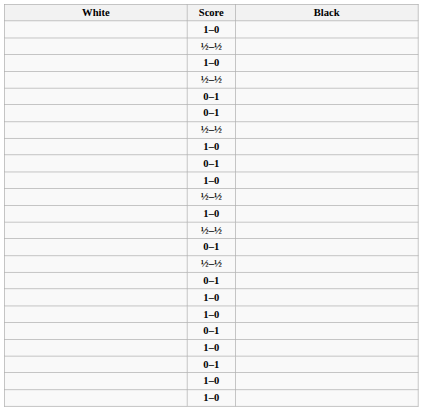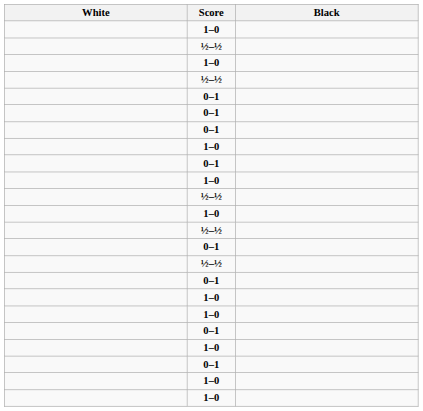 <table class="wikitable" style="text-align: center;">
 <tr>
 <th align="right" width="270">White</th>
 <th width="65">Score</th>
 <th align="left" width="270">Black</th>
 </tr>
 <tr>
 <td align=left><strong></strong></td>
 <td align=center><strong>1–0</strong></td>
 <td align=left></td>
 </tr>
 <tr>
 <td align=left></td>
 <td align=center><strong>½–½</strong></td>
 <td align=left></td>
 </tr>
 <tr>
 <td align=left><strong></strong></td>
 <td align=center><strong>1–0</strong></td>
 <td align=left></td>
 </tr>
 <tr>
 <td align=left></td>
 <td align=center><strong>½–½</strong></td>
 <td align=left></td>
 </tr>
 <tr>
 <td align=left></td>
 <td align=center><strong>0–1</strong></td>
 <td align=left><strong></strong></td>
 </tr>
 <tr>
 <td align=left></td>
 <td align=center><strong>0–1</strong></td>
 <td align=left><strong></strong></td>
 </tr>
 <tr>
 <td align=left></td>
-<td align=center><strong>½–½</strong></td>
+<td align=center><strong>0–1</strong></td>
 <td align=left><strong></strong></td>
 </tr>
 <tr>
 <td align=left><strong></strong></td>
 <td align=center><strong>1–0</strong></td>
 <td align=left></td>
 </tr>
 <tr>
 <td align=left></td>
 <td align=center><strong>0–1</strong></td>
 <td align=left><strong></strong></td>
 </tr>
 <tr>
 <td align=left><strong></strong></td>
 <td align=center><strong>1–0</strong></td>
 <td align=left></td>
 </tr>
 <tr>
 <td align=left></td>
 <td align=center><strong>½–½</strong></td>
 <td align=left></td>
 </tr>
 <tr>
 <td align=left><strong></strong></td>
 <td align=center><strong>1–0</strong></td>
 <td align=left></td>
 </tr>
 <tr>
 <td align=left><strong></strong></td>
 <td align=center><strong>½–½</strong></td>
 <td align=left></td>
 </tr>
 <tr>
 <td align=left></td>
 <td align=center><strong>0–1</strong></td>
 <td align=left><strong></strong></td>
 </tr>
 <tr>
 <td align=left></td>
 <td align=center><strong>½–½</strong></td>
 <td align=left></td>
 </tr>
 <tr>
 <td align=left></td>
 <td align=center><strong>0–1</strong></td>
 <td align=left><strong></strong></td>
 </tr>
 <tr>
 <td align=left></td>
 <td align=center><strong>1–0</strong></td>
 <td align=left></td>
 </tr>
 <tr>
 <td align=left><strong></strong></td>
 <td align=center><strong>1–0</strong></td>
 <td align=left></td>
 </tr>
 <tr>
 <td align=left></td>
 <td align=center><strong>0–1</strong></td>
 <td align=left><strong></strong></td>
 </tr>
 <tr>
 <td align=left><strong></strong></td>
 <td align=center><strong>1–0</strong></td>
 <td align=left></td>
 </tr>
 <tr>
 <td align=left></td>
 <td align=center><strong>0–1</strong></td>
 <td align=left><strong></strong></td>
 </tr>
 <tr>
 <td align=left><strong></strong></td>
 <td align=center><strong>1–0</strong></td>
 <td align=left></td>
 </tr>
 <tr>
 <td align=left><strong></strong></td>
 <td align=center><strong>1–0</strong></td>
 <td align=left></td>
 </tr>
 </table>
